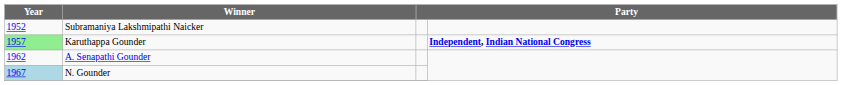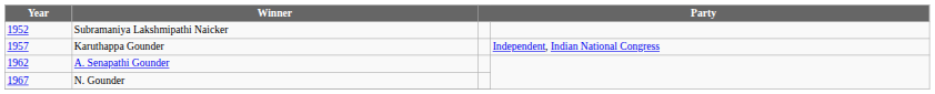 <table class="wikitable" width="70%">
 <tr>
 <th style="background-color:#666666; color:white">Year</th>
 <th style="background-color:#666666; color:white">Winner</th>
 <th style="background-color:#666666; color:white" colspan="2">Party</th>
 </tr>
 <tr>
 <td><a href='#'>1952</a></td>
 <td>Subramaniya Lakshmipathi Naicker</td>
 <td></td>
 </tr>
 <tr --->
-<td style="background: lightgreen;"><a href='#'>1957</a></td>
+<td><a href='#'>1957</a></td>
 <td>Karuthappa Gounder</td>
 <td></td>
-<td><strong><a href='#'>Independent</a>, <a href='#'>Indian National Congress</a></strong></td>
+<td><a href='#'>Independent</a>, <a href='#'>Indian National Congress</a></td>
 </tr>
 <tr>
 <td><a href='#'>1962</a></td>
 <td><a href='#'>A. Senapathi Gounder</a></td>
 <td></td>
 </tr>
 <tr>
-<td style="background: lightblue;"><a href='#'>1967</a></td>
+<td><a href='#'>1967</a></td>
 <td>N. Gounder</td>
 <td></td>
 </tr>
 <tr>
 </tr>
 </table>
